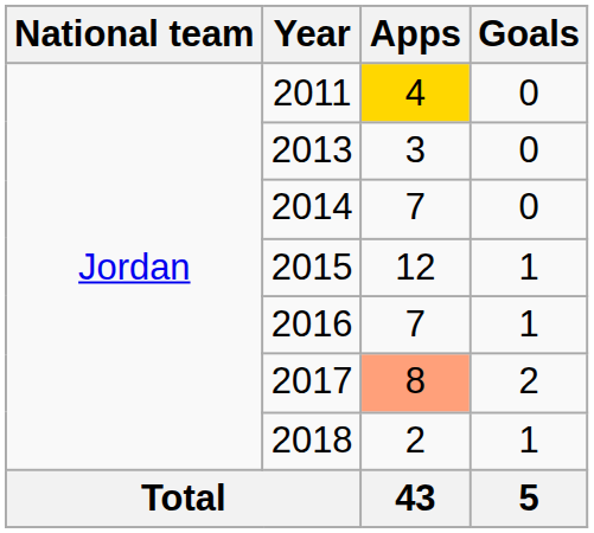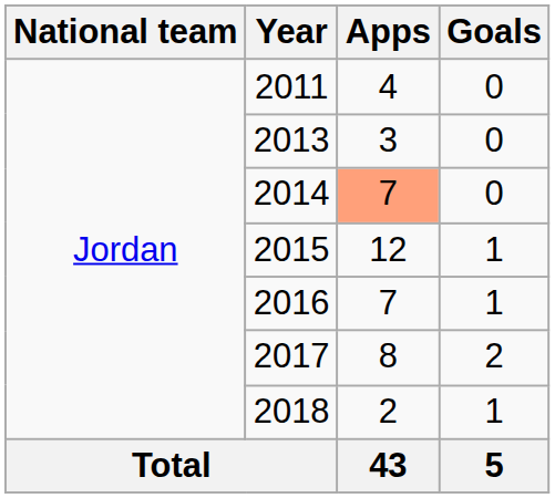 <table class="wikitable" style="text-align:center">
 <tr>
 <th>National team</th>
 <th>Year</th>
 <th>Apps</th>
 <th>Goals</th>
 </tr>
 <tr>
 <td rowspan="7"><a href='#'>Jordan</a></td>
 <td>2011</td>
-<td style="background: gold;">4</td>
+<td>4</td>
 <td>0</td>
 </tr>
 <tr>
 <td>2013</td>
 <td>3</td>
 <td>0</td>
 </tr>
 <tr>
 <td>2014</td>
-<td>7</td>
+<td style="background: lightsalmon;">7</td>
 <td>0</td>
 </tr>
 <tr>
 <td>2015</td>
 <td>12</td>
 <td>1</td>
 </tr>
 <tr>
 <td>2016</td>
 <td>7</td>
 <td>1</td>
 </tr>
 <tr>
 <td>2017</td>
-<td style="background: lightsalmon;">8</td>
+<td>8</td>
 <td>2</td>
 </tr>
 <tr>
 <td>2018</td>
 <td>2</td>
 <td>1</td>
 </tr>
 <tr>
 <th colspan="2">Total</th>
 <th>43</th>
 <th>5</th>
 </tr>
 </table>
